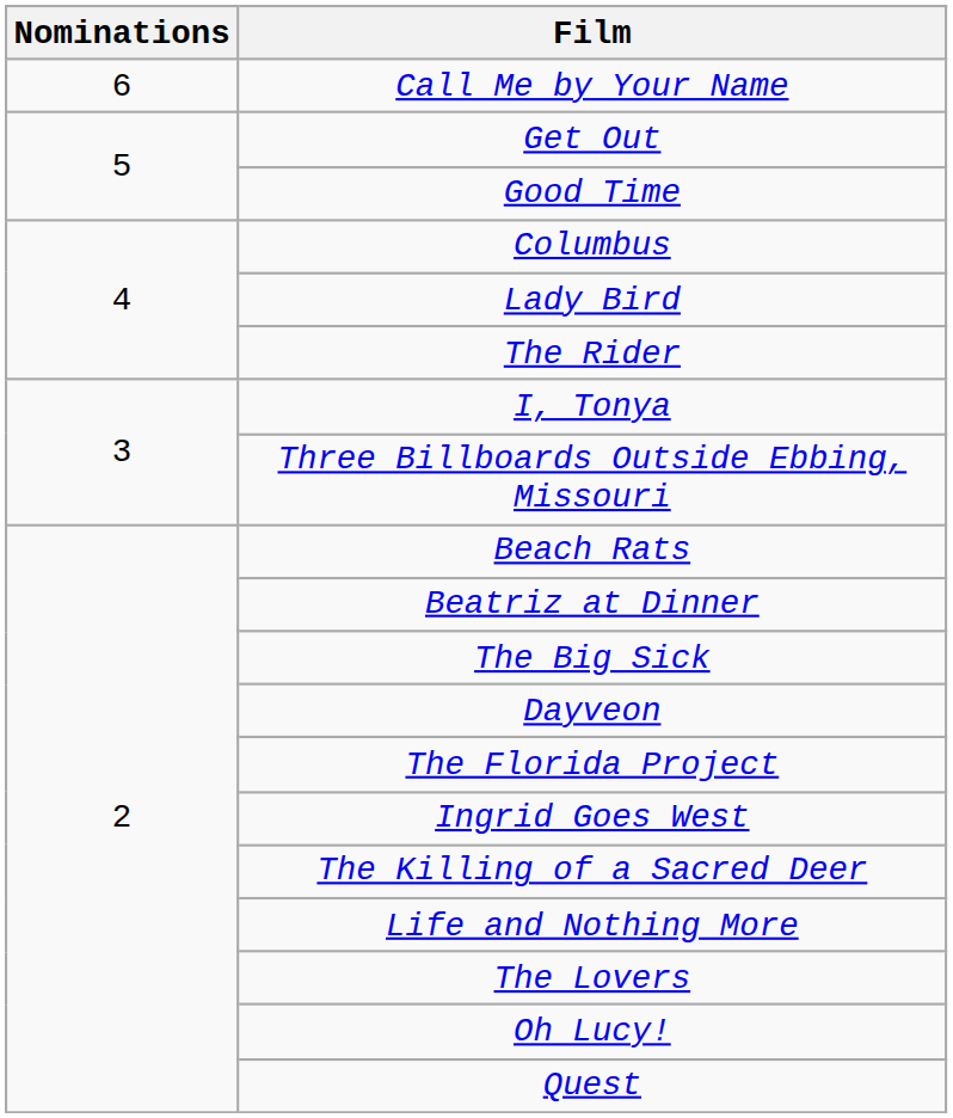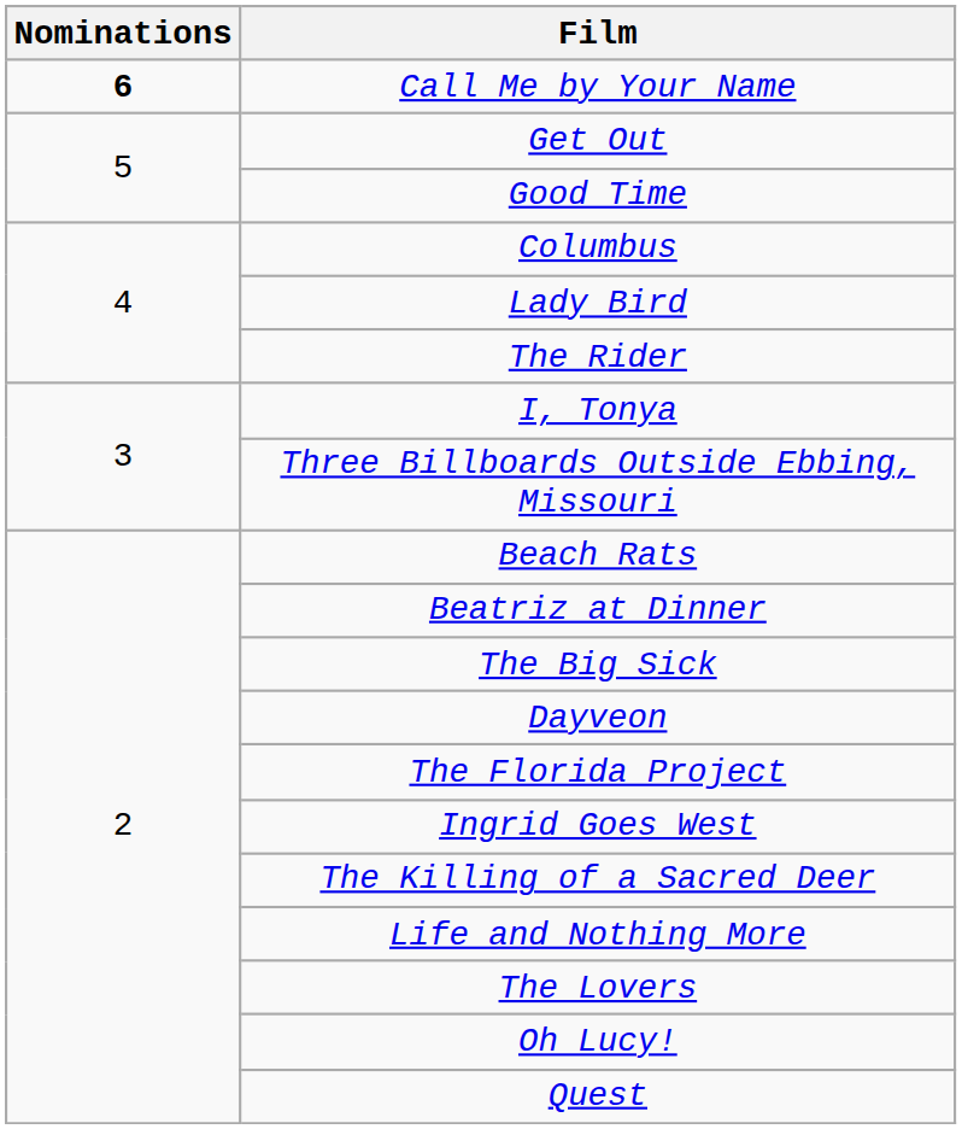 <table class="wikitable" rowspan=2 border=2 style="text-align:center;">
 <tr>
 <th scope="col" width="50">Nominations</th>
 <th scope="col" width="275">Film</th>
 </tr>
 <tr>
-<td>6</td>
+<td><strong>6</strong></td>
 <td><em><a href='#'>Call Me by Your Name</a></em></td>
 </tr>
 <tr>
 <td rowspan=2 style="text-align:center;">5</td>
 <td><em><a href='#'>Get Out</a></em></td>
 </tr>
 <tr>
 <td><em><a href='#'>Good Time</a></em></td>
 </tr>
 <tr>
 <td rowspan=3 style="text-align:center;">4</td>
 <td><em><a href='#'>Columbus</a></em></td>
 </tr>
 <tr>
 <td><em><a href='#'>Lady Bird</a></em></td>
 </tr>
 <tr>
 <td><em><a href='#'>The Rider</a></em></td>
 </tr>
 <tr>
 <td rowspan=2 style="text-align:center;">3</td>
 <td><em><a href='#'>I, Tonya</a></em></td>
 </tr>
 <tr>
 <td><em><a href='#'>Three Billboards Outside Ebbing, Missouri</a></em></td>
 </tr>
 <tr>
 <td rowspan=11 style="text-align:center;">2</td>
 <td><em><a href='#'>Beach Rats</a></em></td>
 </tr>
 <tr>
 <td><em><a href='#'>Beatriz at Dinner</a></em></td>
 </tr>
 <tr>
 <td><em><a href='#'>The Big Sick</a></em></td>
 </tr>
 <tr>
 <td><em><a href='#'>Dayveon</a></em></td>
 </tr>
 <tr>
 <td><em><a href='#'>The Florida Project</a></em></td>
 </tr>
 <tr>
 <td><em><a href='#'>Ingrid Goes West</a></em></td>
 </tr>
 <tr>
 <td><em><a href='#'>The Killing of a Sacred Deer</a></em></td>
 </tr>
 <tr>
 <td><em><a href='#'>Life and Nothing More</a></em></td>
 </tr>
 <tr>
 <td><em><a href='#'>The Lovers</a></em></td>
 </tr>
 <tr>
 <td><em><a href='#'>Oh Lucy!</a></em></td>
 </tr>
 <tr>
 <td><em><a href='#'>Quest</a></em></td>
 </tr>
 </table>
